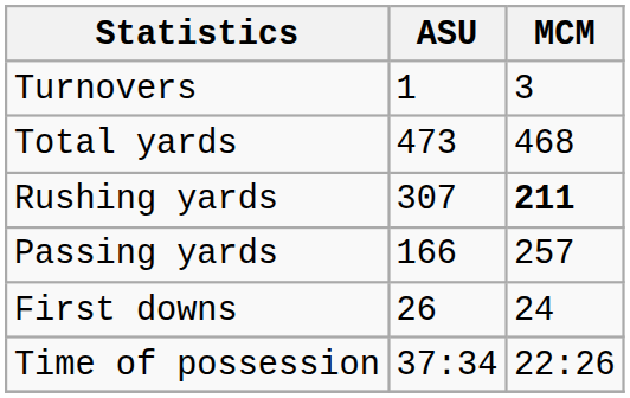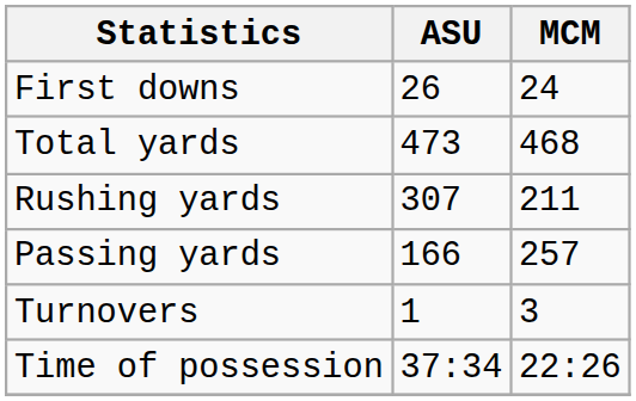 <table class="wikitable">
 <tr>
 <th>Statistics</th>
 <th>ASU</th>
 <th>MCM</th>
 </tr>
 <tr>
-<td>Turnovers</td>
-<td>1</td>
-<td>3</td>
+<td>First downs</td>
+<td>26</td>
+<td>24</td>
 </tr>
 <tr>
 <td>Total yards</td>
 <td>473</td>
 <td>468</td>
 </tr>
 <tr>
 <td>Rushing yards</td>
 <td>307</td>
-<td><strong>211</strong></td>
+<td>211</td>
 </tr>
 <tr>
 <td>Passing yards</td>
 <td>166</td>
 <td>257</td>
 </tr>
 <tr>
-<td>First downs</td>
-<td>26</td>
-<td>24</td>
+<td>Turnovers</td>
+<td>1</td>
+<td>3</td>
 </tr>
 <tr>
 <td>Time of possession</td>
 <td>37:34</td>
 <td>22:26</td>
 </tr>
 <tr>
 </tr>
 </table>
